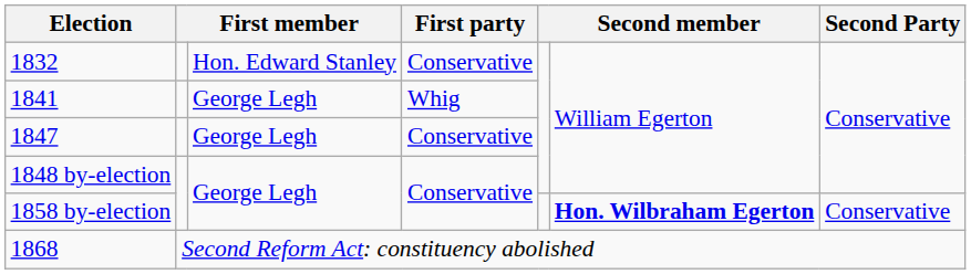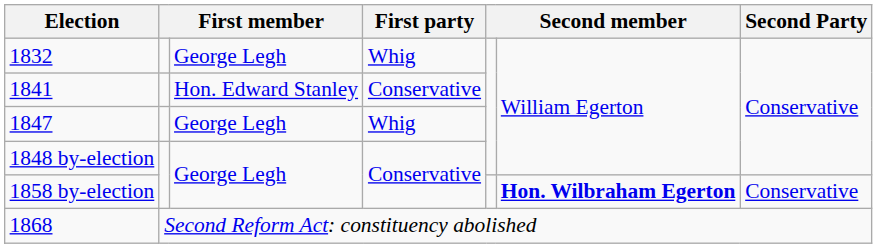 <table class="wikitable">
 <tr>
 <th>Election</th>
 <th colspan="2">First member</th>
 <th>First party</th>
 <th colspan="2">Second member</th>
 <th>Second Party</th>
 </tr>
 <tr>
 <td><a href='#'>1832</a></td>
 <td style="color:inherit;background-color: "></td>
-<td><a href='#'>Hon. Edward Stanley</a></td>
-<td><a href='#'>Conservative</a></td>
+<td><a href='#'>George Legh</a></td>
+<td><a href='#'>Whig</a></td>
 <td rowspan="4" style="color:inherit;background-color: "></td>
 <td rowspan="4"><a href='#'>William Egerton</a></td>
 <td rowspan="4"><a href='#'>Conservative</a></td>
 </tr>
 <tr>
 <td><a href='#'>1841</a></td>
 <td style="color:inherit;background-color: "></td>
-<td><a href='#'>George Legh</a></td>
-<td><a href='#'>Whig</a></td>
+<td><a href='#'>Hon. Edward Stanley</a></td>
+<td><a href='#'>Conservative</a></td>
 </tr>
 <tr>
 <td><a href='#'>1847</a></td>
 <td style="color:inherit;background-color: "></td>
 <td><a href='#'>George Legh</a></td>
-<td><a href='#'>Conservative</a></td>
+<td><a href='#'>Whig</a></td>
 </tr>
 <tr>
 <td><a href='#'>1848 by-election</a></td>
 <td rowspan="2" style="color:inherit;background-color: "></td>
 <td rowspan="2"><a href='#'>George Legh</a></td>
 <td rowspan="2"><a href='#'>Conservative</a></td>
 </tr>
 <tr>
 <td><a href='#'>1858 by-election</a></td>
 <td style="color:inherit;background-color: "></td>
 <td><strong><a href='#'>Hon. Wilbraham Egerton</a></strong></td>
 <td><a href='#'>Conservative</a></td>
 </tr>
 <tr>
 <td><a href='#'>1868</a></td>
 <td colspan="6"><em><a href='#'>Second Reform Act</a>: constituency abolished</em></td>
 </tr>
 </table>
